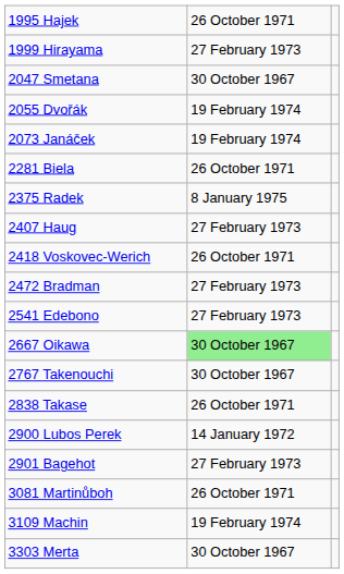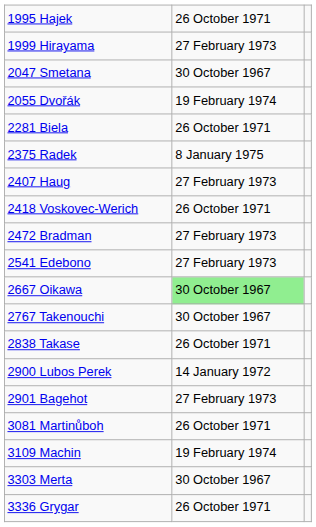 <table class="wikitable" style="font-size: 89%; float: left; width: 24em; margin-right: 1em; line-height: 1.65em !important; height: 540px;">
 <tr>
 <td><a href='#'>1995 Hajek</a></td>
 <td>26 October 1971</td>
 <td></td>
 </tr>
 <tr>
 <td><a href='#'>1999 Hirayama</a></td>
 <td>27 February 1973</td>
 <td></td>
 </tr>
 <tr>
 <td><a href='#'>2047 Smetana</a></td>
 <td>30 October 1967</td>
 <td></td>
 </tr>
 <tr>
 <td><a href='#'>2055 Dvořák</a></td>
-<td>19 February 1974</td>
-<td></td>
-</tr>
-<tr>
-<td><a href='#'>2073 Janáček</a></td>
 <td>19 February 1974</td>
 <td></td>
 </tr>
 <tr>
 <td><a href='#'>2281 Biela</a></td>
 <td>26 October 1971</td>
 <td></td>
 </tr>
 <tr>
 <td><a href='#'>2375 Radek</a></td>
 <td>8 January 1975</td>
 <td></td>
 </tr>
 <tr>
 <td><a href='#'>2407 Haug</a></td>
 <td>27 February 1973</td>
 <td></td>
 </tr>
 <tr>
 <td><a href='#'>2418 Voskovec-Werich</a></td>
 <td>26 October 1971</td>
 <td></td>
 </tr>
 <tr>
 <td><a href='#'>2472 Bradman</a></td>
 <td>27 February 1973</td>
 <td></td>
 </tr>
 <tr>
 <td><a href='#'>2541 Edebono</a></td>
 <td>27 February 1973</td>
 <td></td>
 </tr>
 <tr>
 <td><a href='#'>2667 Oikawa</a></td>
 <td style="background: lightgreen;">30 October 1967</td>
 <td></td>
 </tr>
 <tr>
 <td><a href='#'>2767 Takenouchi</a></td>
 <td>30 October 1967</td>
 <td></td>
 </tr>
 <tr>
 <td><a href='#'>2838 Takase</a></td>
 <td>26 October 1971</td>
 <td></td>
 </tr>
 <tr>
 <td><a href='#'>2900 Lubos Perek</a></td>
 <td>14 January 1972</td>
 <td></td>
 </tr>
 <tr>
 <td><a href='#'>2901 Bagehot</a></td>
 <td>27 February 1973</td>
 <td></td>
 </tr>
 <tr>
 <td><a href='#'>3081 Martinůboh</a></td>
 <td>26 October 1971</td>
 <td></td>
 </tr>
 <tr>
 <td><a href='#'>3109 Machin</a></td>
 <td>19 February 1974</td>
 <td></td>
 </tr>
 <tr>
 <td><a href='#'>3303 Merta</a></td>
 <td>30 October 1967</td>
 <td></td>
 </tr>
+<tr>
+<td><a href='#'>3336 Grygar</a></td>
+<td>26 October 1971</td>
+<td></td>
+</tr>
 </table>
